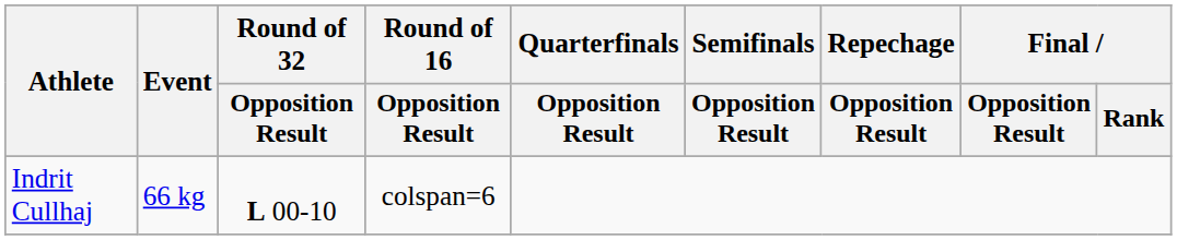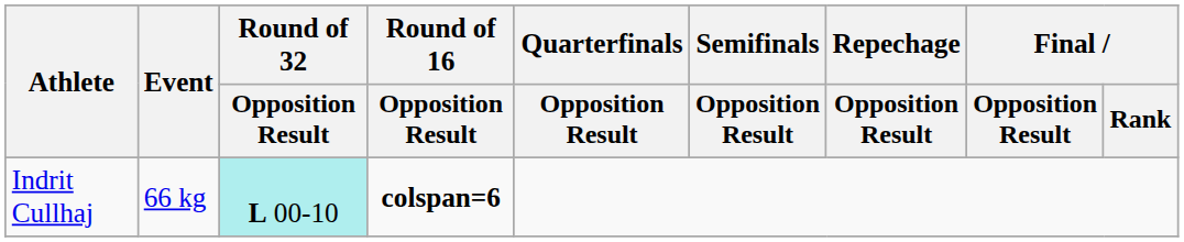 <table class="wikitable" style="font-size:90%">
 <tr>
 <th rowspan="2">Athlete</th>
 <th rowspan="2">Event</th>
 <th>Round of 32</th>
 <th>Round of 16</th>
 <th>Quarterfinals</th>
 <th>Semifinals</th>
 <th>Repechage</th>
 <th colspan=2>Final / </th>
 </tr>
 <tr style="font-size:95%">
 <th>Opposition<br>Result</th>
 <th>Opposition<br>Result</th>
 <th>Opposition<br>Result</th>
 <th>Opposition<br>Result</th>
 <th>Opposition<br>Result</th>
 <th>Opposition<br>Result</th>
 <th>Rank</th>
 </tr>
 <tr align=center>
 <td align=left><a href='#'>Indrit Cullhaj</a></td>
 <td align=left><a href='#'>66 kg</a></td>
-<td><br><strong>L</strong> 00-10</td>
-<td>colspan=6 </td>
+<td style="background: paleturquoise;"><br><strong>L</strong> 00-10</td>
+<td><strong>colspan=6 </strong></td>
 </tr>
 </table>
